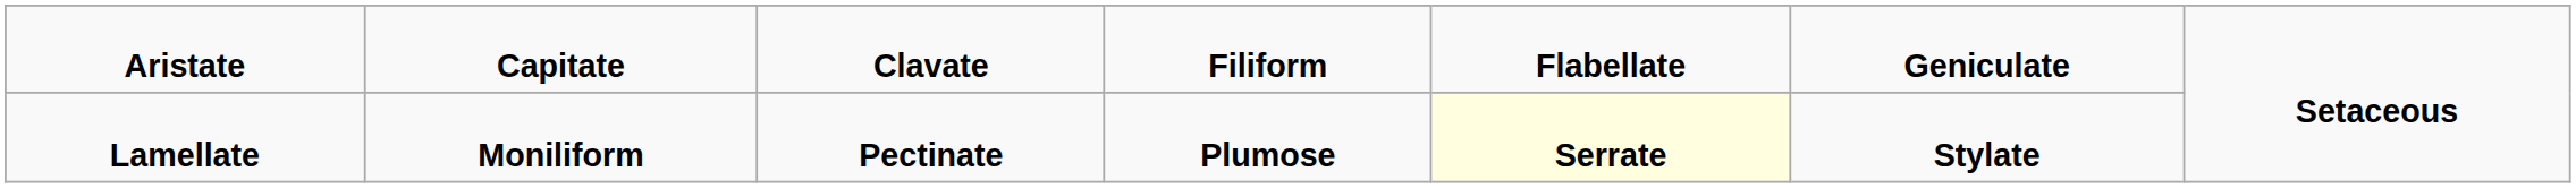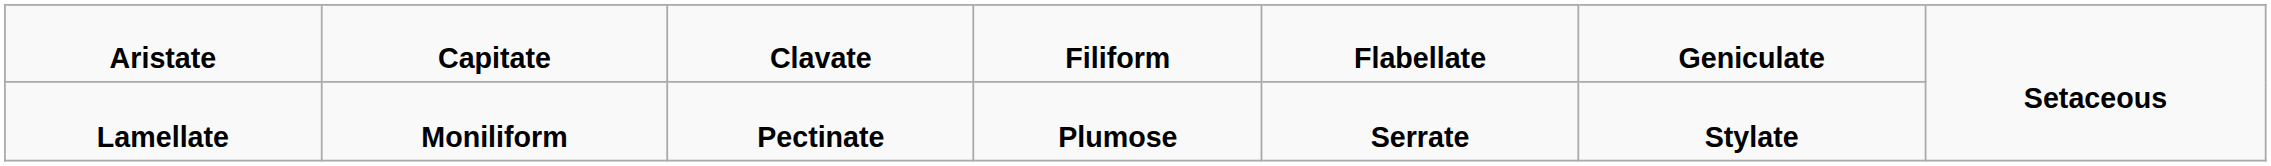 <table class="wikitable" style="margin-left: auto; margin-right: auto; border: none; text-align: center; width: 100%">
 <tr>
 <td><br><strong>Aristate</strong></td>
 <td><br><strong>Capitate</strong></td>
 <td><br><strong>Clavate</strong></td>
 <td><br><strong>Filiform</strong></td>
 <td><br><strong>Flabellate</strong></td>
 <td><br><strong>Geniculate</strong></td>
 <td rowspan="2"><br><strong>Setaceous</strong></td>
 </tr>
 <tr>
 <td><br><strong>Lamellate</strong></td>
 <td><br><strong>Moniliform</strong></td>
 <td><br><strong>Pectinate</strong></td>
 <td><br><strong>Plumose</strong></td>
-<td style="background: lightyellow;"><br><strong>Serrate</strong></td>
+<td><br><strong>Serrate</strong></td>
 <td><br><strong>Stylate</strong></td>
 </tr>
 </table>
